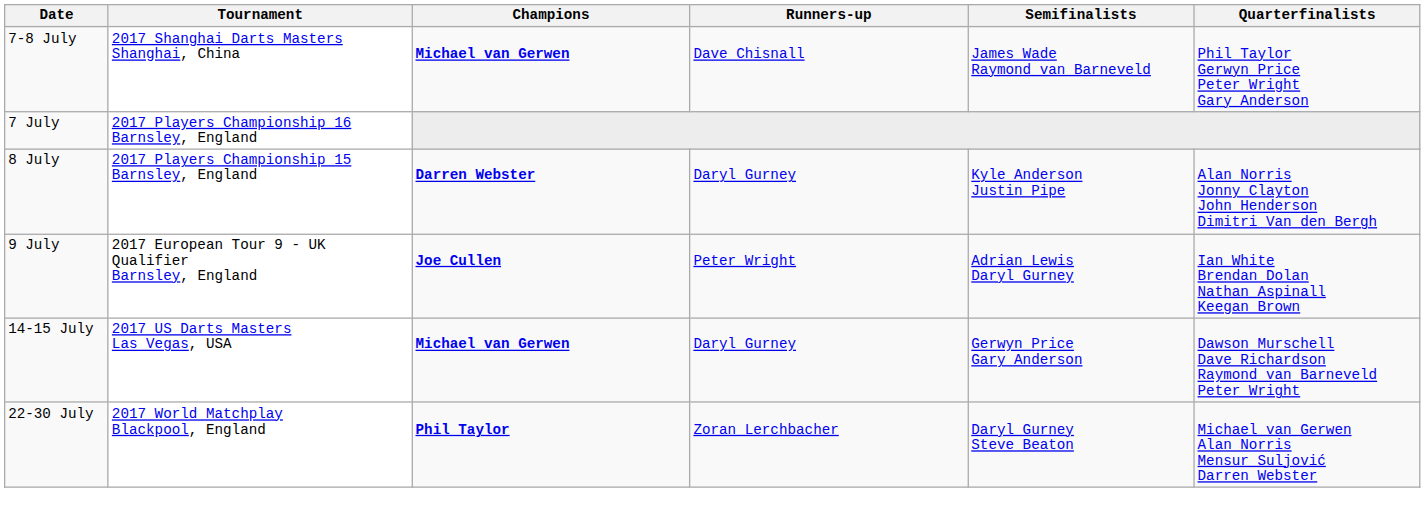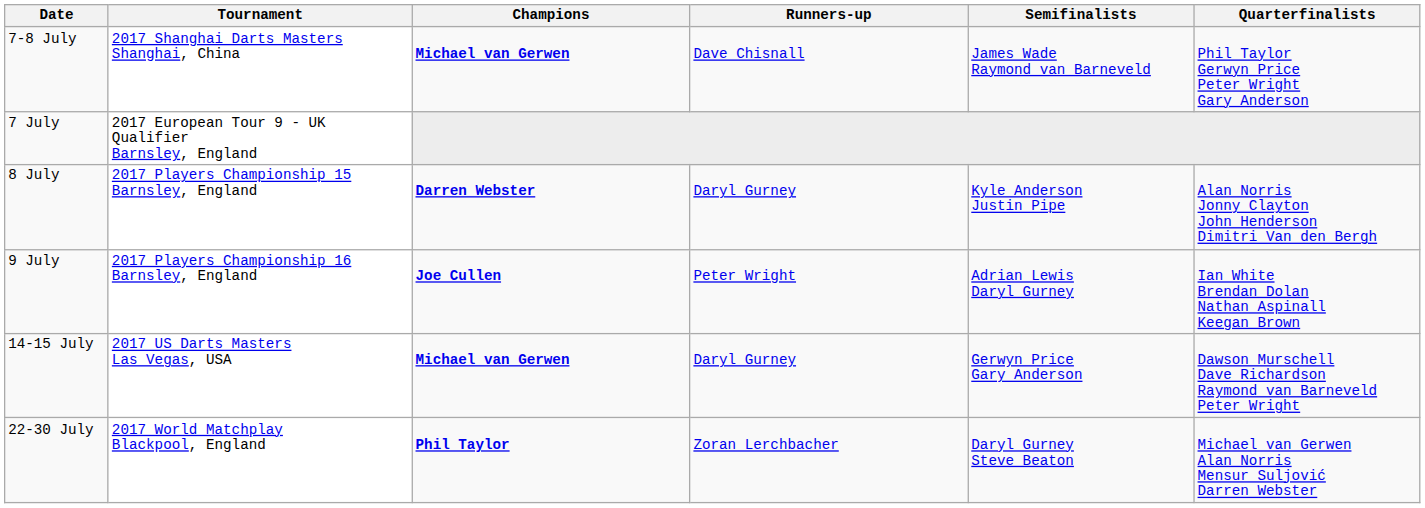 <table class=wikitable style=font-size:85%>
 <tr>
 <th width=75>Date</th>
 <th width=230>Tournament</th>
 <th width=210>Champions</th>
 <th width=210>Runners-up</th>
 <th width=170>Semifinalists</th>
 <th width=170>Quarterfinalists</th>
 </tr>
 <tr valign="top">
 <td>7-8 July</td>
 <td bgcolor="#ffffff"><a href='#'>2017 Shanghai Darts Masters</a><br><a href='#'>Shanghai</a>, China</td>
 <td><br> <strong><a href='#'>Michael van Gerwen</a></strong></td>
 <td><br> <a href='#'>Dave Chisnall</a></td>
 <td><br> <a href='#'>James Wade</a> <br>  <a href='#'>Raymond van Barneveld</a></td>
 <td><br> <a href='#'>Phil Taylor</a> <br>  <a href='#'>Gerwyn Price</a> <br>  <a href='#'>Peter Wright</a> <br>  <a href='#'>Gary Anderson</a></td>
 </tr>
 <tr valign="top">
 <td>7 July</td>
-<td bgcolor="#ffffff"><a href='#'>2017 Players Championship 16</a><br><a href='#'>Barnsley</a>, England</td>
+<td bgcolor="#ffffff">2017 European Tour 9 - UK Qualifier <br> <a href='#'>Barnsley</a>, England</td>
 <td colspan=4 bgcolor="#ededed"></td>
 </tr>
 <tr valign="top">
 <td>8 July</td>
 <td bgcolor="#ffffff"><a href='#'>2017 Players Championship 15</a><br><a href='#'>Barnsley</a>, England</td>
 <td><br> <strong><a href='#'>Darren Webster</a></strong></td>
 <td><br> <a href='#'>Daryl Gurney</a></td>
 <td><br> <a href='#'>Kyle Anderson</a> <br>  <a href='#'>Justin Pipe</a></td>
 <td><br> <a href='#'>Alan Norris</a> <br>  <a href='#'>Jonny Clayton</a> <br>  <a href='#'>John Henderson</a> <br>  <a href='#'>Dimitri Van den Bergh</a></td>
 </tr>
 <tr valign="top">
 <td>9 July</td>
-<td bgcolor="#ffffff">2017 European Tour 9 - UK Qualifier <br> <a href='#'>Barnsley</a>, England</td>
+<td bgcolor="#ffffff"><a href='#'>2017 Players Championship 16</a><br><a href='#'>Barnsley</a>, England</td>
 <td><br> <strong><a href='#'>Joe Cullen</a></strong></td>
 <td><br> <a href='#'>Peter Wright</a></td>
 <td><br> <a href='#'>Adrian Lewis</a> <br>  <a href='#'>Daryl Gurney</a></td>
 <td><br> <a href='#'>Ian White</a> <br>  <a href='#'>Brendan Dolan</a> <br>  <a href='#'>Nathan Aspinall</a> <br>  <a href='#'>Keegan Brown</a></td>
 </tr>
 <tr valign="top">
 <td>14-15 July</td>
 <td bgcolor="#ffffff"><a href='#'>2017 US Darts Masters</a><br><a href='#'>Las Vegas</a>, USA</td>
 <td><br> <strong><a href='#'>Michael van Gerwen</a></strong></td>
 <td><br> <a href='#'>Daryl Gurney</a></td>
 <td><br> <a href='#'>Gerwyn Price</a> <br>  <a href='#'>Gary Anderson</a></td>
 <td><br> <a href='#'>Dawson Murschell</a> <br>  <a href='#'>Dave Richardson</a> <br>  <a href='#'>Raymond van Barneveld</a> <br>  <a href='#'>Peter Wright</a></td>
 </tr>
 <tr valign="top">
 <td>22-30 July</td>
 <td bgcolor="#ffffff"><a href='#'>2017 World Matchplay</a><br><a href='#'>Blackpool</a>, England</td>
 <td><br> <strong><a href='#'>Phil Taylor</a></strong></td>
 <td><br> <a href='#'>Zoran Lerchbacher</a></td>
 <td><br> <a href='#'>Daryl Gurney</a> <br>  <a href='#'>Steve Beaton</a></td>
 <td><br> <a href='#'>Michael van Gerwen</a> <br>  <a href='#'>Alan Norris</a> <br>  <a href='#'>Mensur Suljović</a> <br>  <a href='#'>Darren Webster</a></td>
 </tr>
 </table>
